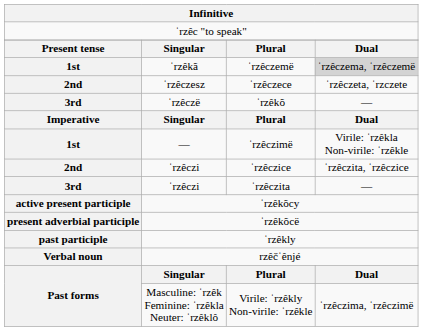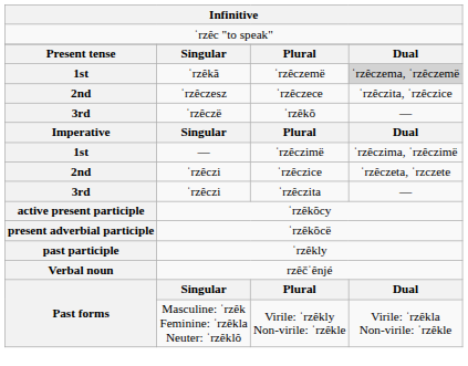 <table class="wikitable" style="text-align:center;">
 <tr>
 <th colspan="4">Infinitive</th>
 </tr>
 <tr>
 <td colspan="4">ˈrzêc "to speak"</td>
 </tr>
 <tr>
 </tr>
 <tr>
 <th>Present tense</th>
 <th>Singular</th>
 <th>Plural</th>
 <th>Dual</th>
 </tr>
 <tr>
 <th>1st</th>
 <td>ˈrzêkã</td>
 <td>ˈrzêczemë</td>
 <td style="background: lightgrey;">ˈrzêczema, ˈrzêczemë</td>
 </tr>
 <tr>
 <th>2nd</th>
 <td>ˈrzêczesz</td>
 <td>ˈrzêczece</td>
-<td>ˈrzêczeta, ˈrzczete</td>
+<td>ˈrzêczita, ˈrzêczice</td>
 </tr>
 <tr>
 <th>3rd</th>
 <td>ˈrzêczë</td>
 <td>ˈrzêkõ</td>
 <td>—</td>
 </tr>
 <tr>
 <th>Imperative</th>
 <th>Singular</th>
 <th>Plural</th>
 <th>Dual</th>
 </tr>
 <tr>
 <th>1st</th>
 <td>—</td>
 <td>ˈrzêczimë</td>
-<td>Virile: ˈrzêkla<br>Non-virile: ˈrzêkle</td>
+<td>ˈrzêczima, ˈrzêczimë</td>
 </tr>
 <tr>
 <th>2nd</th>
 <td>ˈrzêczi</td>
 <td>ˈrzêczice</td>
-<td>ˈrzêczita, ˈrzêczice</td>
+<td>ˈrzêczeta, ˈrzczete</td>
 </tr>
 <tr>
 <th>3rd</th>
 <td>ˈrzêczi</td>
 <td>ˈrzêczita</td>
 <td>—</td>
 </tr>
 <tr>
 <th>active present participle</th>
 <td colspan="3">ˈrzêkõcy</td>
 </tr>
 <tr>
 <th>present adverbial participle</th>
 <td colspan="3">ˈrzêkõcë</td>
 </tr>
 <tr>
 <th>past participle</th>
 <td colspan="3">ˈrzêkly</td>
 </tr>
 <tr>
 <th>Verbal noun</th>
 <td colspan="3">rzêčˈênjé</td>
 </tr>
 <tr>
 <th rowspan="2">Past forms</th>
 <th>Singular</th>
 <th>Plural</th>
 <th>Dual</th>
 </tr>
 <tr>
 <td>Masculine: ˈrzêk<br>Feminine: ˈrzêkla<br>Neuter: ˈrzêklô</td>
 <td>Virile: ˈrzêkly<br>Non-virile: ˈrzêkle</td>
-<td>ˈrzêczima, ˈrzêczimë</td>
+<td>Virile: ˈrzêkla<br>Non-virile: ˈrzêkle</td>
 </tr>
 </table>
